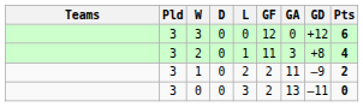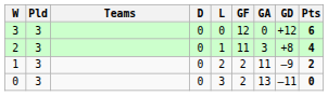 <table class="wikitable" style="text-align: center;">
 <tr>
+<th width=20>W</th>
+<th width=20>Pld</th>
 <th width=165>Teams</th>
-<th width=20>Pld</th>
-<th width=20>W</th>
 <th width=20>D</th>
 <th width=20>L</th>
 <th width=20>GF</th>
 <th width=20>GA</th>
 <th width=20>GD</th>
 <th width=20>Pts</th>
 </tr>
 <tr align=center style="background:#ccffcc;">
-<td style="text-align:left;"></td>
 <td>3</td>
 <td>3</td>
+<td style="text-align:left;"></td>
 <td>0</td>
 <td>0</td>
 <td>12</td>
 <td>0</td>
 <td>+12</td>
 <td><strong>6</strong></td>
 </tr>
 <tr align=center style="background:#ccffcc;">
+<td>2</td>
+<td>3</td>
 <td style="text-align:left;"></td>
-<td>3</td>
-<td>2</td>
 <td>0</td>
 <td>1</td>
 <td>11</td>
 <td>3</td>
 <td>+8</td>
 <td><strong>4</strong></td>
 </tr>
 <tr align=center>
+<td>1</td>
+<td>3</td>
 <td style="text-align:left;"></td>
-<td>3</td>
-<td>1</td>
 <td>0</td>
 <td>2</td>
 <td>2</td>
 <td>11</td>
 <td>–9</td>
 <td><strong>2</strong></td>
 </tr>
 <tr align=center>
+<td>0</td>
+<td>3</td>
 <td style="text-align:left;"></td>
-<td>3</td>
-<td>0</td>
 <td>0</td>
 <td>3</td>
 <td>2</td>
 <td>13</td>
 <td>–11</td>
 <td><strong>0</strong></td>
 </tr>
 </table>
